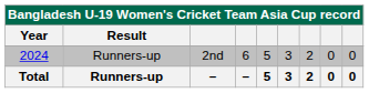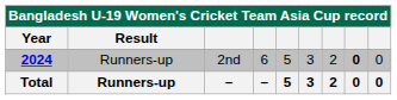 <table class="wikitable" style="text-align:center">
 <tr>
 <th style="color:white; background:#006A4E;" colspan=9>Bangladesh U-19 Women's Cricket Team Asia Cup record</th>
 </tr>
 <tr>
 <th>Year</th>
 <th>Result</th>
 <th></th>
 <th></th>
 <th></th>
 <th></th>
 <th></th>
 <th></th>
 <th></th>
 </tr>
 <tr bgcolor=pink>
 </tr>
 <tr bgcolor=silver>
-<td> <a href='#'>2024</a></td>
+<td><strong> <a href='#'>2024</a></strong></td>
 <td>Runners-up</td>
 <td>2nd</td>
 <td>6</td>
 <td>5</td>
 <td>3</td>
 <td>2</td>
-<td>0</td>
+<td><strong>0</strong></td>
 <td>0</td>
 </tr>
 <tr>
 <th>Total</th>
 <th>Runners-up</th>
 <th>–</th>
 <th>–</th>
 <th>5</th>
 <th>3</th>
 <th>2</th>
 <th>0</th>
 <th>0</th>
 </tr>
 </table>
